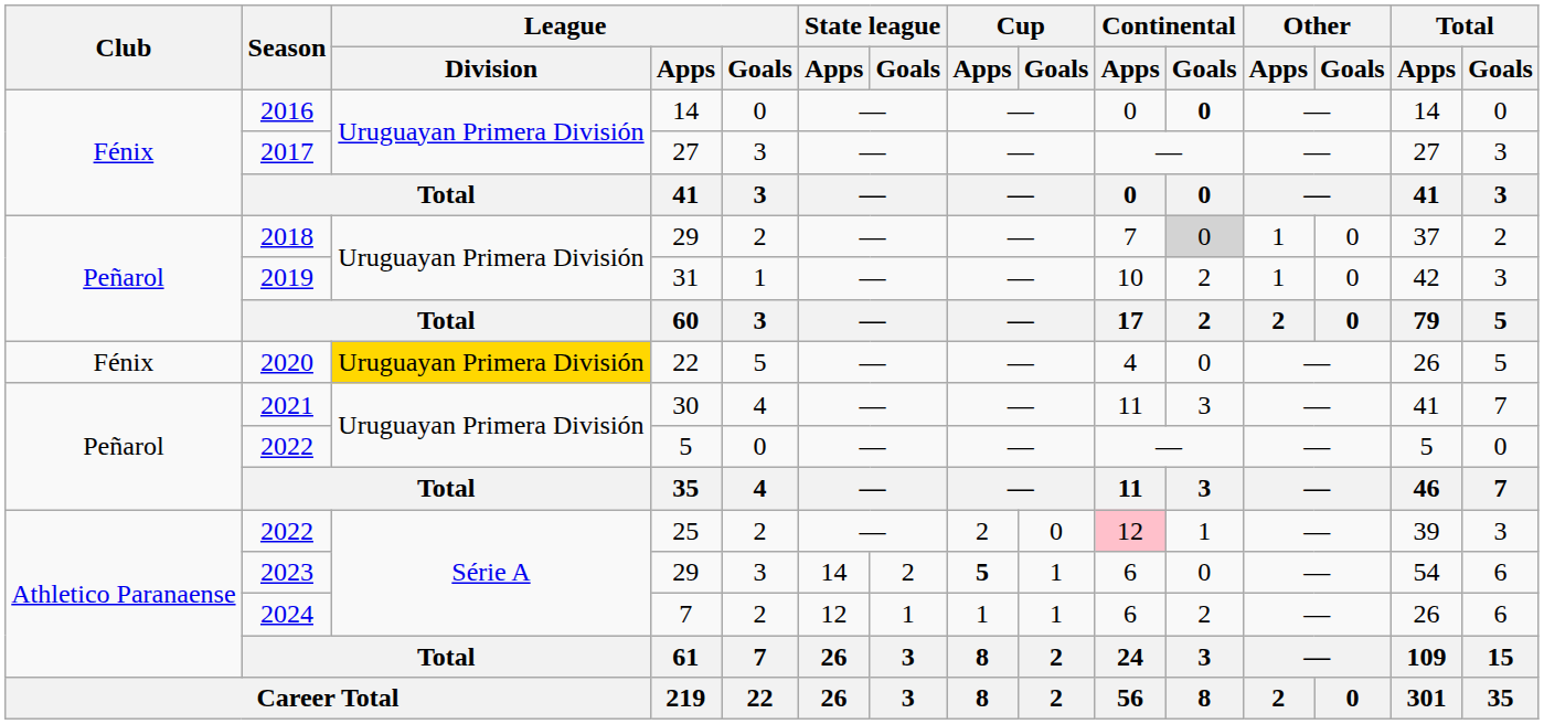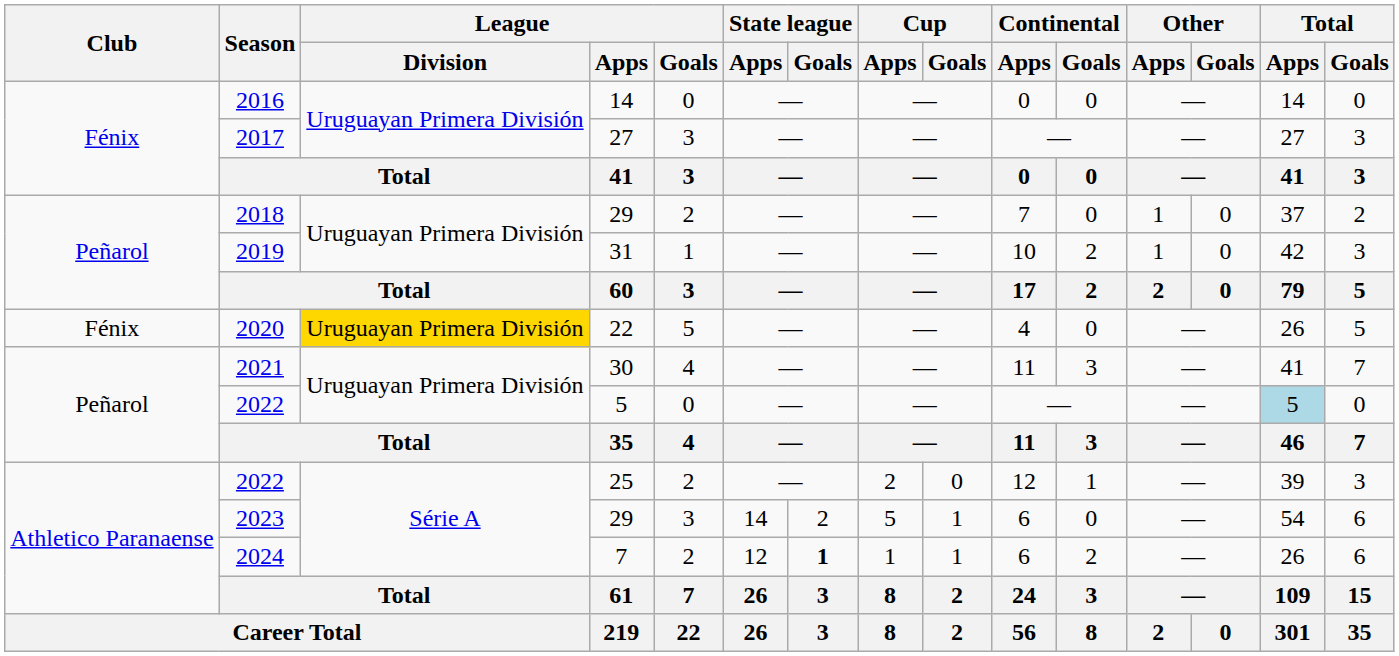 <table class="wikitable" style="text-align: center">
 <tr>
 <th rowspan="2">Club</th>
 <th rowspan="2">Season</th>
 <th colspan="3">League</th>
 <th colspan="2">State league</th>
 <th colspan="2">Cup</th>
 <th colspan="2">Continental</th>
 <th colspan="2">Other</th>
 <th colspan="2">Total</th>
 </tr>
 <tr>
 <th>Division</th>
 <th>Apps</th>
 <th>Goals</th>
 <th>Apps</th>
 <th>Goals</th>
 <th>Apps</th>
 <th>Goals</th>
 <th>Apps</th>
 <th>Goals</th>
 <th>Apps</th>
 <th>Goals</th>
 <th>Apps</th>
 <th>Goals</th>
 </tr>
 <tr>
 <td rowspan="3"><a href='#'>Fénix</a></td>
 <td><a href='#'>2016</a></td>
 <td rowspan="2"><a href='#'>Uruguayan Primera División</a></td>
 <td>14</td>
 <td>0</td>
 <td colspan="2">—</td>
 <td colspan="2">—</td>
 <td>0</td>
-<td><strong>0</strong></td>
+<td>0</td>
 <td colspan="2">—</td>
 <td>14</td>
 <td>0</td>
 </tr>
 <tr>
 <td><a href='#'>2017</a></td>
 <td>27</td>
 <td>3</td>
 <td colspan="2">—</td>
 <td colspan="2">—</td>
 <td colspan="2">—</td>
 <td colspan="2">—</td>
 <td>27</td>
 <td>3</td>
 </tr>
 <tr>
 <th colspan="2">Total</th>
 <th>41</th>
 <th>3</th>
 <th colspan="2">—</th>
 <th colspan="2">—</th>
 <th>0</th>
 <th>0</th>
 <th colspan="2">—</th>
 <th>41</th>
 <th>3</th>
 </tr>
 <tr>
 <td rowspan="3"><a href='#'>Peñarol</a></td>
 <td><a href='#'>2018</a></td>
 <td rowspan="2">Uruguayan Primera División</td>
 <td>29</td>
 <td>2</td>
 <td colspan="2">—</td>
 <td colspan="2">—</td>
 <td>7</td>
-<td style="background: lightgrey;">0</td>
+<td>0</td>
 <td>1</td>
 <td>0</td>
 <td>37</td>
 <td>2</td>
 </tr>
 <tr>
 <td><a href='#'>2019</a></td>
 <td>31</td>
 <td>1</td>
 <td colspan="2">—</td>
 <td colspan="2">—</td>
 <td>10</td>
 <td>2</td>
 <td>1</td>
 <td>0</td>
 <td>42</td>
 <td>3</td>
 </tr>
 <tr>
 <th colspan="2">Total</th>
 <th>60</th>
 <th>3</th>
 <th colspan="2">—</th>
 <th colspan="2">—</th>
 <th>17</th>
 <th>2</th>
 <th>2</th>
 <th>0</th>
 <th>79</th>
 <th>5</th>
 </tr>
 <tr>
 <td>Fénix</td>
 <td><a href='#'>2020</a></td>
 <td style="background: gold;">Uruguayan Primera División</td>
 <td>22</td>
 <td>5</td>
 <td colspan="2">—</td>
 <td colspan="2">—</td>
 <td>4</td>
 <td>0</td>
 <td colspan="2">—</td>
 <td>26</td>
 <td>5</td>
 </tr>
 <tr>
 <td rowspan="3">Peñarol</td>
 <td><a href='#'>2021</a></td>
 <td rowspan="2">Uruguayan Primera División</td>
 <td>30</td>
 <td>4</td>
 <td colspan="2">—</td>
 <td colspan="2">—</td>
 <td>11</td>
 <td>3</td>
 <td colspan="2">—</td>
 <td>41</td>
 <td>7</td>
 </tr>
 <tr>
 <td><a href='#'>2022</a></td>
 <td>5</td>
 <td>0</td>
 <td colspan="2">—</td>
 <td colspan="2">—</td>
 <td colspan="2">—</td>
 <td colspan="2">—</td>
-<td>5</td>
+<td style="background: lightblue;">5</td>
 <td>0</td>
 </tr>
 <tr>
 <th colspan="2">Total</th>
 <th>35</th>
 <th>4</th>
 <th colspan="2">—</th>
 <th colspan="2">—</th>
 <th>11</th>
 <th>3</th>
 <th colspan="2">—</th>
 <th>46</th>
 <th>7</th>
 </tr>
 <tr>
 <td rowspan="4"><a href='#'>Athletico Paranaense</a></td>
 <td><a href='#'>2022</a></td>
 <td rowspan="3"><a href='#'>Série A</a></td>
 <td>25</td>
 <td>2</td>
 <td colspan="2">—</td>
 <td>2</td>
 <td>0</td>
-<td style="background: pink;">12</td>
+<td>12</td>
 <td>1</td>
 <td colspan="2">—</td>
 <td>39</td>
 <td>3</td>
 </tr>
 <tr>
 <td><a href='#'>2023</a></td>
 <td>29</td>
 <td>3</td>
 <td>14</td>
 <td>2</td>
-<td><strong>5</strong></td>
+<td>5</td>
 <td>1</td>
 <td>6</td>
 <td>0</td>
 <td colspan="2">—</td>
 <td>54</td>
 <td>6</td>
 </tr>
 <tr>
 <td><a href='#'>2024</a></td>
 <td>7</td>
 <td>2</td>
 <td>12</td>
-<td>1</td>
+<td><strong>1</strong></td>
 <td>1</td>
 <td>1</td>
 <td>6</td>
 <td>2</td>
 <td colspan="2">—</td>
 <td>26</td>
 <td>6</td>
 </tr>
 <tr>
 <th colspan="2">Total</th>
 <th>61</th>
 <th>7</th>
 <th>26</th>
 <th>3</th>
 <th>8</th>
 <th>2</th>
 <th>24</th>
 <th>3</th>
 <th colspan="2">—</th>
 <th>109</th>
 <th>15</th>
 </tr>
 <tr>
 <th colspan="3">Career Total</th>
 <th>219</th>
 <th>22</th>
 <th>26</th>
 <th>3</th>
 <th>8</th>
 <th>2</th>
 <th>56</th>
 <th>8</th>
 <th>2</th>
 <th>0</th>
 <th>301</th>
 <th>35</th>
 </tr>
 </table>
